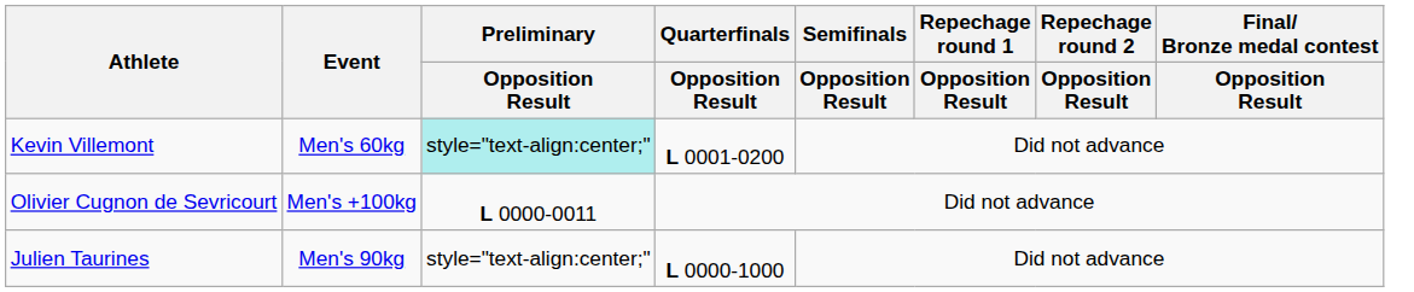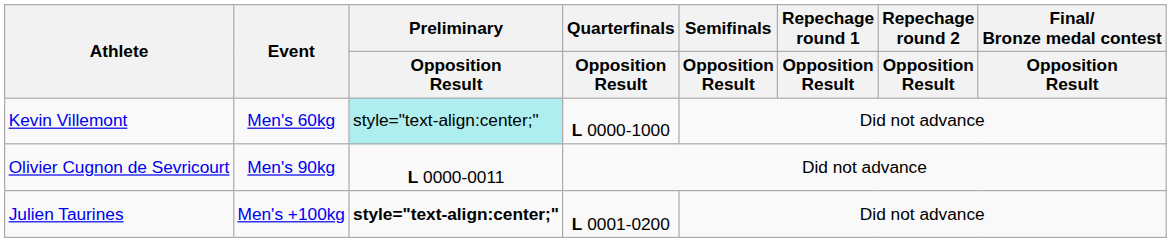 <table class= wikitable style="font-size:90%">
 <tr>
 <th rowspan="2">Athlete</th>
 <th rowspan="2">Event</th>
 <th>Preliminary</th>
 <th>Quarterfinals</th>
 <th>Semifinals</th>
 <th>Repechage <br>round 1</th>
 <th>Repechage <br>round 2</th>
 <th>Final/<br>Bronze medal contest</th>
 </tr>
 <tr>
 <th>Opposition<br>Result</th>
 <th>Opposition<br>Result</th>
 <th>Opposition<br>Result</th>
 <th>Opposition<br>Result</th>
 <th>Opposition<br>Result</th>
 <th>Opposition<br>Result</th>
 </tr>
 <tr>
 <td><a href='#'>Kevin Villemont</a></td>
 <td style="text-align:center;"><a href='#'>Men's 60kg</a></td>
 <td style="background: paleturquoise;">style="text-align:center;" </td>
-<td style="text-align:center;"><br> <strong>L</strong> 0001-0200</td>
+<td style="text-align:center;"><br><strong>L</strong> 0000-1000</td>
 <td style="text-align:center;" colspan="4">Did not advance</td>
 </tr>
 <tr>
 <td><a href='#'>Olivier Cugnon de Sevricourt</a></td>
-<td style="text-align:center;"><a href='#'>Men's +100kg</a></td>
+<td style="text-align:center;"><a href='#'>Men's 90kg</a></td>
 <td style="text-align:center;"><br><strong>L</strong> 0000-0011</td>
 <td style="text-align:center;" colspan="5">Did not advance</td>
 </tr>
 <tr>
 <td><a href='#'>Julien Taurines</a></td>
-<td style="text-align:center;"><a href='#'>Men's 90kg</a></td>
-<td>style="text-align:center;" </td>
-<td style="text-align:center;"><br><strong>L</strong> 0000-1000</td>
+<td style="text-align:center;"><a href='#'>Men's +100kg</a></td>
+<td><strong>style="text-align:center;" </strong></td>
+<td style="text-align:center;"><br> <strong>L</strong> 0001-0200</td>
 <td style="text-align:center;" colspan="5">Did not advance</td>
 </tr>
 </table>
